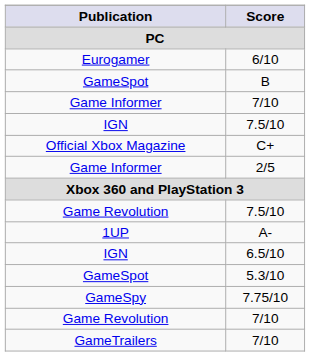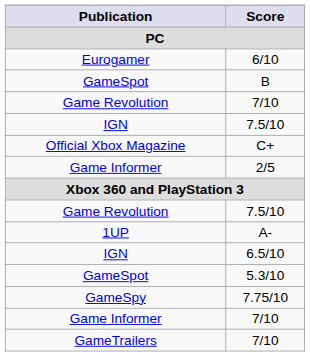 <table class="wikitable" style="font-size:90%; float:right; text-align:center; width:25%; margin: 5px;">
 <tr>
 </tr>
 <tr>
 <th style="background:#dde;">Publication</th>
 <th style="background:#dde;">Score</th>
 </tr>
 <tr>
 <td colspan="2" style="background:#ddd;"><strong>PC</strong></td>
 </tr>
 <tr>
 <td><a href='#'>Eurogamer</a></td>
 <td>6/10</td>
 </tr>
 <tr>
 <td><a href='#'>GameSpot</a></td>
 <td>B</td>
 </tr>
 <tr>
-<td><a href='#'>Game Informer</a></td>
+<td><a href='#'>Game Revolution</a></td>
 <td>7/10</td>
 </tr>
 <tr>
 <td><a href='#'>IGN</a></td>
 <td>7.5/10</td>
 </tr>
 <tr>
 <td><a href='#'>Official Xbox Magazine</a></td>
 <td>C+</td>
 </tr>
 <tr>
 <td><a href='#'>Game Informer</a></td>
 <td>2/5</td>
 </tr>
 <tr>
 <td colspan="2" style="background:#ddd;"><strong>Xbox 360 and PlayStation 3</strong></td>
 </tr>
 <tr>
 <td><a href='#'>Game Revolution</a></td>
 <td>7.5/10</td>
 </tr>
 <tr>
 <td><a href='#'>1UP</a></td>
 <td>A-</td>
 </tr>
 <tr>
 <td><a href='#'>IGN</a></td>
 <td>6.5/10</td>
 </tr>
 <tr>
 <td><a href='#'>GameSpot</a></td>
 <td>5.3/10</td>
 </tr>
 <tr>
 <td><a href='#'>GameSpy</a></td>
 <td>7.75/10</td>
 </tr>
 <tr>
-<td><a href='#'>Game Revolution</a></td>
+<td><a href='#'>Game Informer</a></td>
 <td>7/10</td>
 </tr>
 <tr>
 <td><a href='#'>GameTrailers</a></td>
 <td>7/10</td>
 </tr>
 </table>
